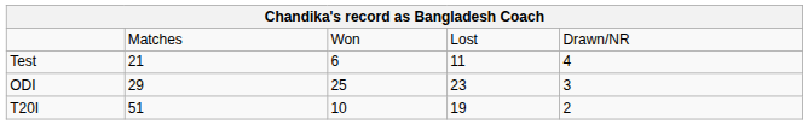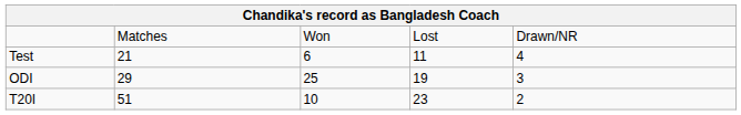 <table class="wikitable" style="margin:1em auto; width: 40%; font-size: 90%;" cellspacing="5">
 <tr>
 <th colspan="6"><strong>Chandika's record as Bangladesh Coach</strong></th>
 </tr>
 <tr>
 <td> </td>
 <td>Matches</td>
 <td>Won</td>
 <td>Lost</td>
 <td>Drawn/NR</td>
 </tr>
 <tr>
 <td>Test</td>
 <td>21</td>
 <td>6</td>
 <td>11</td>
 <td>4</td>
 </tr>
 <tr>
 <td>ODI</td>
 <td>29</td>
 <td>25</td>
-<td>23</td>
+<td>19</td>
 <td>3</td>
 </tr>
 <tr>
 <td>T20I</td>
 <td>51</td>
 <td>10</td>
-<td>19</td>
+<td>23</td>
 <td>2</td>
 </tr>
 </table>
